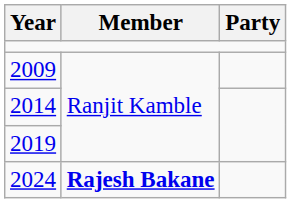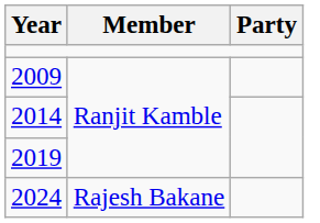 <table class=wikitable>
 <tr>
 <th>Year</th>
 <th>Member</th>
 <th colspan=2>Party</th>
 </tr>
 <tr>
 <td colspan="4"></td>
 </tr>
 <tr>
 <td><a href='#'>2009</a></td>
 <td rowspan="3"><a href='#'>Ranjit Kamble</a></td>
 <td></td>
 </tr>
 <tr>
 <td><a href='#'>2014</a></td>
 </tr>
 <tr>
 <td><a href='#'>2019</a></td>
 </tr>
 <tr>
 <td><a href='#'>2024</a></td>
-<td><strong><a href='#'>Rajesh Bakane</a></strong></td>
+<td><a href='#'>Rajesh Bakane</a></td>
 <td></td>
 </tr>
 </table>
